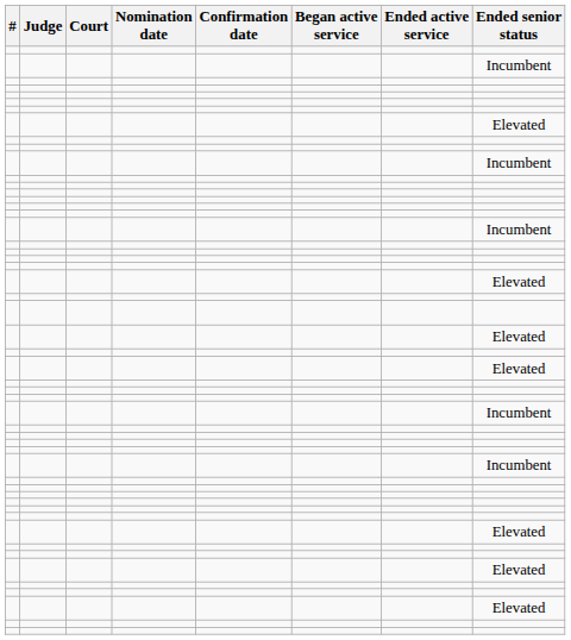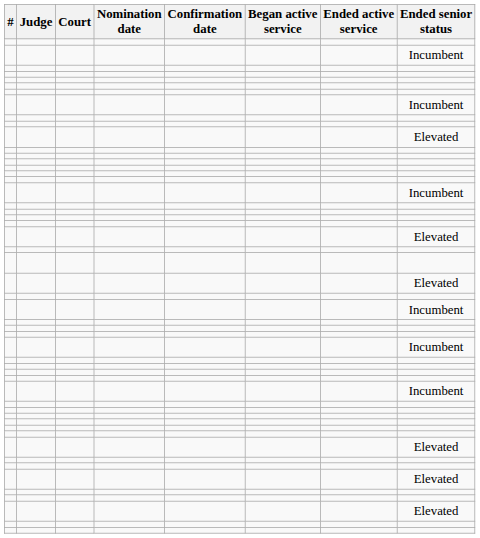 <table class="sortable wikitable">
 <tr bgcolor="#ececec">
 <th>#</th>
 <th>Judge</th>
 <th>Court<br></th>
 <th>Nomination<br>date</th>
 <th>Confirmation<br>date</th>
 <th>Began active<br>service</th>
 <th>Ended active<br>service</th>
 <th>Ended senior<br>status</th>
 </tr>
 <tr>
 <td></td>
 <td></td>
 <td></td>
 <td></td>
 <td></td>
 <td></td>
 <td></td>
 <td></td>
 </tr>
 <tr>
 <td></td>
 <td></td>
 <td></td>
 <td></td>
 <td></td>
 <td></td>
 <td></td>
 <td align="center">Incumbent</td>
 </tr>
 <tr>
 <td></td>
 <td></td>
 <td></td>
 <td></td>
 <td></td>
 <td></td>
 <td></td>
 <td align="center"></td>
 </tr>
 <tr>
 <td></td>
 <td></td>
 <td></td>
 <td></td>
 <td></td>
 <td></td>
 <td></td>
 <td></td>
 </tr>
 <tr>
 <td></td>
 <td></td>
 <td></td>
 <td></td>
 <td></td>
 <td></td>
 <td></td>
 <td></td>
 </tr>
 <tr>
 <td></td>
 <td></td>
 <td></td>
 <td></td>
 <td></td>
 <td></td>
 <td></td>
 <td></td>
 </tr>
 <tr>
 <td></td>
 <td></td>
 <td></td>
 <td></td>
 <td></td>
 <td></td>
 <td></td>
 <td></td>
 </tr>
 <tr>
 <td></td>
 <td></td>
 <td></td>
 <td></td>
 <td></td>
 <td></td>
 <td></td>
-<td align="center">Elevated</td>
+<td align="center">Incumbent</td>
 </tr>
 <tr>
 <td></td>
 <td></td>
 <td></td>
 <td></td>
 <td></td>
 <td></td>
 <td></td>
 <td></td>
 </tr>
 <tr>
 <td></td>
 <td></td>
 <td></td>
 <td></td>
 <td></td>
 <td></td>
 <td></td>
 <td align="center"></td>
 </tr>
 <tr>
 <td></td>
 <td></td>
 <td></td>
 <td></td>
 <td></td>
 <td></td>
 <td></td>
-<td align="center">Incumbent</td>
+<td align="center">Elevated</td>
 </tr>
 <tr>
 <td></td>
 <td></td>
 <td></td>
 <td></td>
 <td></td>
 <td></td>
 <td></td>
 <td></td>
 </tr>
 <tr>
 <td></td>
 <td></td>
 <td></td>
 <td></td>
 <td></td>
 <td></td>
 <td></td>
 <td></td>
 </tr>
 <tr>
 <td></td>
 <td></td>
 <td></td>
 <td></td>
 <td></td>
 <td></td>
 <td></td>
 <td></td>
 </tr>
 <tr>
 <td></td>
 <td></td>
 <td></td>
 <td></td>
 <td></td>
 <td></td>
 <td></td>
 <td></td>
 </tr>
 <tr>
 <td></td>
 <td></td>
 <td></td>
 <td></td>
 <td></td>
 <td></td>
 <td></td>
 <td align="center"></td>
 </tr>
 <tr>
 <td></td>
 <td></td>
 <td></td>
 <td></td>
 <td></td>
 <td></td>
 <td></td>
 <td align="center"></td>
 </tr>
 <tr>
 <td></td>
 <td></td>
 <td></td>
 <td></td>
 <td></td>
 <td></td>
 <td></td>
 <td align="center">Incumbent</td>
 </tr>
 <tr>
 <td></td>
 <td></td>
 <td></td>
 <td></td>
 <td></td>
 <td></td>
 <td></td>
 <td></td>
 </tr>
 <tr>
 <td></td>
 <td></td>
 <td></td>
 <td></td>
 <td></td>
 <td></td>
 <td></td>
 <td></td>
 </tr>
 <tr>
 <td></td>
 <td></td>
 <td></td>
 <td></td>
 <td></td>
 <td></td>
 <td></td>
 <td align="center"></td>
 </tr>
 <tr>
 <td></td>
 <td></td>
 <td></td>
 <td></td>
 <td></td>
 <td></td>
 <td></td>
 <td></td>
 </tr>
 <tr>
 <td></td>
 <td></td>
 <td></td>
 <td></td>
 <td></td>
 <td></td>
 <td></td>
 <td align="center">Elevated</td>
 </tr>
 <tr>
 <td></td>
 <td></td>
 <td></td>
 <td></td>
 <td></td>
 <td></td>
 <td></td>
 <td></td>
 </tr>
 <tr>
 <td></td>
 <td></td>
 <td></td>
 <td></td>
 <td></td>
 <td></td>
 <td><br></td>
 <td align="center"></td>
 </tr>
 <tr>
 <td></td>
 <td></td>
 <td></td>
 <td></td>
 <td></td>
 <td></td>
 <td></td>
 <td align="center">Elevated</td>
 </tr>
 <tr>
 <td></td>
 <td></td>
 <td></td>
 <td></td>
 <td></td>
 <td></td>
 <td></td>
 <td></td>
 </tr>
 <tr>
 <td></td>
 <td></td>
 <td></td>
 <td></td>
 <td></td>
 <td></td>
 <td></td>
-<td align="center">Elevated</td>
+<td align="center">Incumbent</td>
 </tr>
 <tr>
 <td></td>
 <td></td>
 <td></td>
 <td></td>
 <td></td>
 <td></td>
 <td></td>
 <td></td>
 </tr>
 <tr>
 <td></td>
 <td></td>
 <td></td>
 <td></td>
 <td></td>
 <td></td>
 <td></td>
 <td></td>
 </tr>
 <tr>
 <td></td>
 <td></td>
 <td></td>
 <td></td>
 <td></td>
 <td></td>
 <td></td>
 <td align="center"></td>
 </tr>
 <tr>
 <td></td>
 <td></td>
 <td></td>
 <td></td>
 <td></td>
 <td></td>
 <td></td>
 <td align="center">Incumbent</td>
 </tr>
 <tr>
 <td></td>
 <td></td>
 <td></td>
 <td></td>
 <td></td>
 <td></td>
 <td></td>
 <td></td>
 </tr>
 <tr>
 <td></td>
 <td></td>
 <td></td>
 <td></td>
 <td></td>
 <td></td>
 <td></td>
 <td></td>
 </tr>
 <tr>
 <td></td>
 <td></td>
 <td></td>
 <td></td>
 <td></td>
 <td></td>
 <td></td>
 <td align="center"></td>
 </tr>
 <tr>
 <td></td>
 <td></td>
 <td></td>
 <td></td>
 <td></td>
 <td></td>
 <td></td>
 <td></td>
 </tr>
 <tr>
 <td></td>
 <td></td>
 <td></td>
 <td></td>
 <td></td>
 <td></td>
 <td></td>
 <td align="center">Incumbent</td>
 </tr>
 <tr>
 <td></td>
 <td></td>
 <td></td>
 <td></td>
 <td></td>
 <td></td>
 <td></td>
 <td></td>
 </tr>
 <tr>
 <td></td>
 <td></td>
 <td></td>
 <td></td>
 <td></td>
 <td></td>
 <td></td>
 <td></td>
 </tr>
 <tr>
 <td></td>
 <td></td>
 <td></td>
 <td></td>
 <td></td>
 <td></td>
 <td></td>
 <td align="center"></td>
 </tr>
 <tr>
 <td></td>
 <td></td>
 <td></td>
 <td></td>
 <td></td>
 <td></td>
 <td></td>
 <td align="center"></td>
 </tr>
 <tr>
 <td></td>
 <td></td>
 <td></td>
 <td></td>
 <td></td>
 <td></td>
 <td></td>
 <td align="center"></td>
 </tr>
 <tr>
 <td></td>
 <td></td>
 <td></td>
 <td></td>
 <td></td>
 <td></td>
 <td></td>
 <td></td>
 </tr>
 <tr>
 <td></td>
 <td></td>
 <td></td>
 <td></td>
 <td></td>
 <td></td>
 <td></td>
 <td align="center">Elevated</td>
 </tr>
 <tr>
 <td></td>
 <td></td>
 <td></td>
 <td></td>
 <td></td>
 <td></td>
 <td></td>
 <td></td>
 </tr>
 <tr>
 <td></td>
 <td></td>
 <td></td>
 <td></td>
 <td></td>
 <td></td>
 <td></td>
 <td></td>
 </tr>
 <tr>
 <td></td>
 <td></td>
 <td></td>
 <td></td>
 <td></td>
 <td></td>
 <td></td>
 <td align="center">Elevated</td>
 </tr>
 <tr>
 <td></td>
 <td></td>
 <td></td>
 <td></td>
 <td></td>
 <td></td>
 <td></td>
 <td></td>
 </tr>
 <tr>
 <td></td>
 <td></td>
 <td></td>
 <td></td>
 <td></td>
 <td></td>
 <td></td>
 <td></td>
 </tr>
 <tr>
 <td></td>
 <td></td>
 <td></td>
 <td></td>
 <td></td>
 <td></td>
 <td></td>
 <td align="center">Elevated</td>
 </tr>
 <tr>
 <td></td>
 <td></td>
 <td></td>
 <td></td>
 <td></td>
 <td></td>
 <td></td>
 <td></td>
 </tr>
 <tr>
 <td></td>
 <td></td>
 <td></td>
 <td></td>
 <td></td>
 <td></td>
 <td></td>
 <td></td>
 </tr>
 </table>
